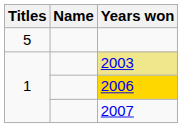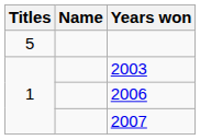 <table class="wikitable style="font-size:100%; text-align: left; width:70%">
 <tr>
 <th>Titles</th>
 <th>Name</th>
 <th>Years won</th>
 </tr>
 <tr>
 <td align=center>5</td>
 <td></td>
 <td></td>
 </tr>
 <tr>
 <td align=center rowspan=3>1</td>
 <td></td>
-<td style="background: khaki;"><a href='#'>2003</a></td>
+<td><a href='#'>2003</a></td>
 </tr>
 <tr>
 <td></td>
-<td style="background: gold;"><a href='#'>2006</a></td>
+<td><a href='#'>2006</a></td>
 </tr>
 <tr>
 <td></td>
 <td><a href='#'>2007</a></td>
 </tr>
 </table>
